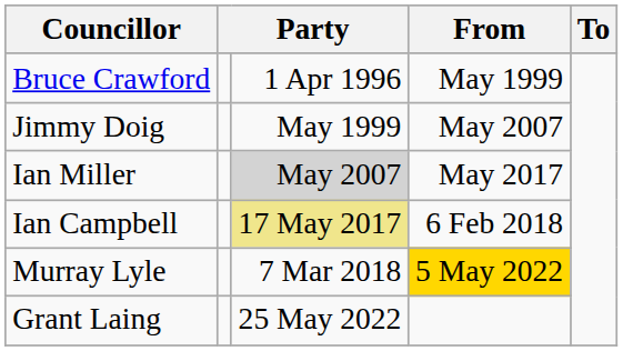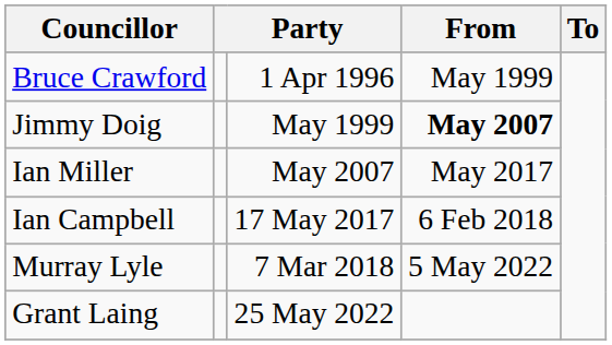 <table class=wikitable>
 <tr>
 <th>Councillor</th>
 <th colspan=2>Party</th>
 <th>From</th>
 <th>To</th>
 </tr>
 <tr>
 <td><a href='#'>Bruce Crawford</a></td>
 <td></td>
 <td align=right>1 Apr 1996</td>
 <td align=right>May 1999</td>
 </tr>
 <tr>
 <td>Jimmy Doig</td>
 <td></td>
 <td align=right>May 1999</td>
-<td align=right>May 2007</td>
+<td align=right><strong>May 2007</strong></td>
 </tr>
 <tr>
 <td>Ian Miller</td>
 <td></td>
-<td align=right style="background: lightgrey;">May 2007</td>
+<td align=right>May 2007</td>
 <td align=right>May 2017</td>
 </tr>
 <tr>
 <td>Ian Campbell</td>
 <td></td>
-<td align=right style="background: khaki;">17 May 2017</td>
+<td align=right>17 May 2017</td>
 <td align=right>6 Feb 2018</td>
 </tr>
 <tr>
 <td>Murray Lyle</td>
 <td></td>
 <td align=right>7 Mar 2018</td>
-<td align=right style="background: gold;">5 May 2022</td>
+<td align=right>5 May 2022</td>
 </tr>
 <tr>
 <td>Grant Laing</td>
 <td></td>
 <td align=right>25 May 2022</td>
 <td align=right></td>
 </tr>
 </table>
